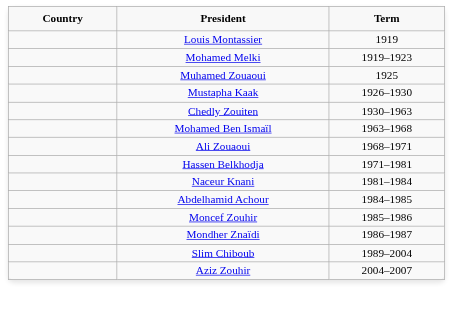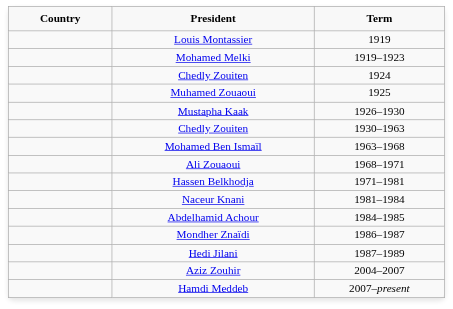 <table class="wikitable" style="width: 100%; text-align: center; border: 1px solid #ddd; border-collapse: collapse; box-shadow: 0 4px 8px rgba(0, 0, 0, 0.1); border-radius: 8px;">
 <tr>
 <th style="background-color: #f8f8f8; padding: 8px;">Country</th>
 <th style="background-color: #f8f8f8; padding: 8px;">President</th>
 <th style="background-color: #f8f8f8; padding: 8px;">Term</th>
 </tr>
 <tr>
 <td></td>
 <td><a href='#'>Louis Montassier</a></td>
 <td>1919</td>
 </tr>
 <tr>
 <td></td>
 <td><a href='#'>Mohamed Melki</a></td>
 <td>1919–1923</td>
+</tr>
+<tr>
+<td></td>
+<td><a href='#'>Chedly Zouiten</a></td>
+<td>1924</td>
 </tr>
 <tr>
 <td></td>
 <td><a href='#'>Muhamed Zouaoui</a></td>
 <td>1925</td>
 </tr>
 <tr>
 <td></td>
 <td><a href='#'>Mustapha Kaak</a></td>
 <td>1926–1930</td>
 </tr>
 <tr>
 <td></td>
 <td><a href='#'>Chedly Zouiten</a></td>
 <td>1930–1963</td>
 </tr>
 <tr>
 <td></td>
 <td><a href='#'>Mohamed Ben Ismaïl</a></td>
 <td>1963–1968</td>
 </tr>
 <tr>
 <td></td>
 <td><a href='#'>Ali Zouaoui</a></td>
 <td>1968–1971</td>
 </tr>
 <tr>
 <td></td>
 <td><a href='#'>Hassen Belkhodja</a></td>
 <td>1971–1981</td>
 </tr>
 <tr>
 <td></td>
 <td><a href='#'>Naceur Knani</a></td>
 <td>1981–1984</td>
 </tr>
 <tr>
 <td></td>
 <td><a href='#'>Abdelhamid Achour</a></td>
 <td>1984–1985</td>
 </tr>
 <tr>
 <td></td>
-<td><a href='#'>Moncef Zouhir</a></td>
-<td>1985–1986</td>
-</tr>
-<tr>
-<td></td>
 <td><a href='#'>Mondher Znaïdi</a></td>
 <td>1986–1987</td>
 </tr>
 <tr>
 <td></td>
-<td><a href='#'>Slim Chiboub</a></td>
-<td>1989–2004</td>
+<td><a href='#'>Hedi Jilani</a></td>
+<td>1987–1989</td>
 </tr>
 <tr>
 <td></td>
 <td><a href='#'>Aziz Zouhir</a></td>
 <td>2004–2007</td>
 </tr>
+<tr>
+<td></td>
+<td><a href='#'>Hamdi Meddeb</a></td>
+<td>2007–<em>present</em></td>
+</tr>
 </table>
